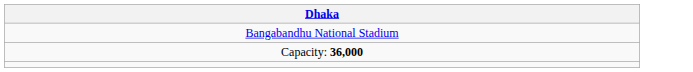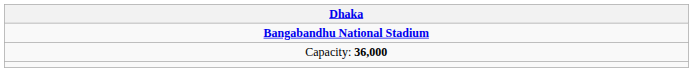 <table class="wikitable" style="text-align:center;">
 <tr>
 <th width="25%"><a href='#'>Dhaka</a></th>
 </tr>
 <tr>
-<td><a href='#'>Bangabandhu National Stadium</a></td>
+<td><strong><a href='#'>Bangabandhu National Stadium</a></strong></td>
 </tr>
 <tr>
 <td>Capacity: <strong>36,000</strong></td>
 </tr>
 <tr>
 <td></td>
 </tr>
 </table>
